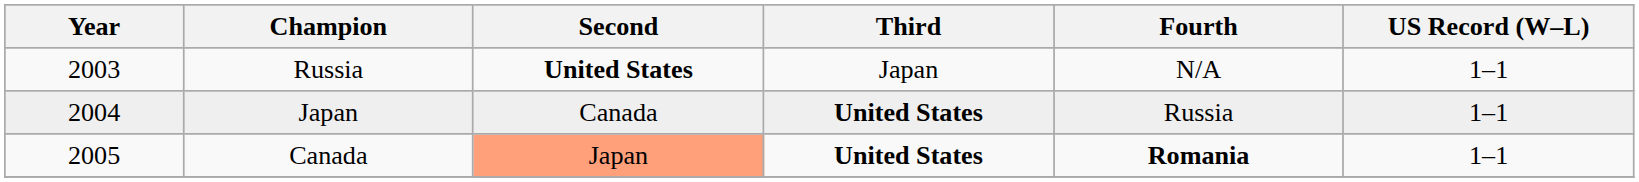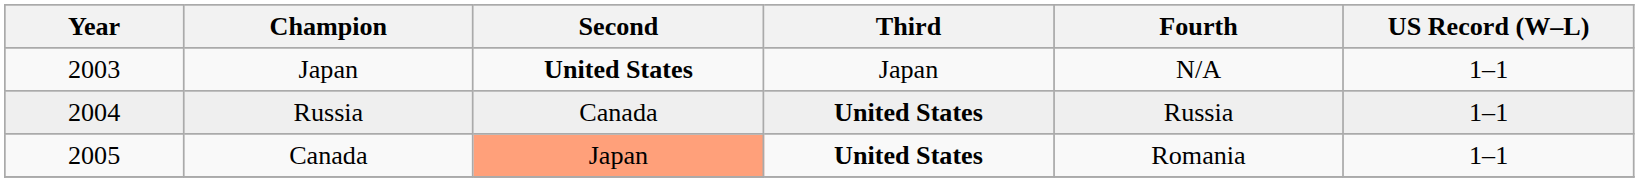 <table class="wikitable" style="font-size:95%; width: 75%; text-align: center;">
 <tr>
 <th width=8%>Year</th>
 <th width=13%>Champion</th>
 <th width=13%>Second</th>
 <th width=13%>Third</th>
 <th width=13%>Fourth</th>
 <th width=13%>US Record (W–L)</th>
 </tr>
 <tr>
 <td>2003</td>
-<td>Russia</td>
+<td>Japan</td>
 <td><strong>United States</strong></td>
 <td>Japan</td>
 <td>N/A</td>
 <td>1–1</td>
 </tr>
 <tr style="background: #efefef;">
 <td>2004</td>
-<td>Japan</td>
+<td>Russia</td>
 <td>Canada</td>
 <td><strong>United States</strong></td>
 <td>Russia</td>
 <td>1–1</td>
 </tr>
 <tr>
 <td>2005</td>
 <td>Canada</td>
 <td style="background: lightsalmon;">Japan</td>
 <td><strong>United States</strong></td>
-<td><strong>Romania</strong></td>
+<td>Romania</td>
 <td>1–1</td>
 </tr>
 <tr>
 </tr>
 </table>
